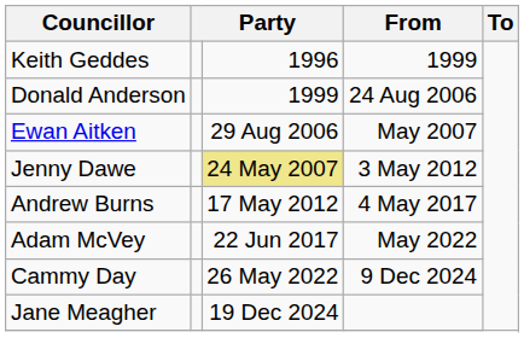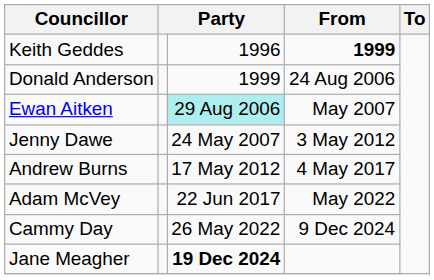 <table class=wikitable>
 <tr>
 <th>Councillor</th>
 <th colspan=2>Party</th>
 <th>From</th>
 <th>To</th>
 </tr>
 <tr>
 <td>Keith Geddes</td>
 <td></td>
 <td align=right>1996</td>
-<td align=right>1999</td>
+<td align=right><strong>1999</strong></td>
 </tr>
 <tr>
 <td>Donald Anderson</td>
 <td></td>
 <td align=right>1999</td>
 <td align=right>24 Aug 2006</td>
 </tr>
 <tr>
 <td><a href='#'>Ewan Aitken</a></td>
 <td></td>
-<td align=right>29 Aug 2006</td>
+<td align=right style="background: paleturquoise;">29 Aug 2006</td>
 <td align=right>May 2007</td>
 </tr>
 <tr>
 <td>Jenny Dawe</td>
 <td></td>
-<td align=right style="background: khaki;">24 May 2007</td>
+<td align=right>24 May 2007</td>
 <td align=right>3 May 2012</td>
 </tr>
 <tr>
 <td>Andrew Burns</td>
 <td></td>
 <td align=right>17 May 2012</td>
 <td align=right>4 May 2017</td>
 </tr>
 <tr>
 <td>Adam McVey</td>
 <td></td>
 <td align=right>22 Jun 2017</td>
 <td align=right>May 2022</td>
 </tr>
 <tr>
 <td>Cammy Day</td>
 <td></td>
 <td align=right>26 May 2022</td>
 <td align=right>9 Dec 2024</td>
 </tr>
 <tr>
 <td>Jane Meagher</td>
 <td></td>
-<td align=right>19 Dec 2024</td>
+<td align=right><strong>19 Dec 2024</strong></td>
 <td align=right></td>
 </tr>
 <tr>
 </tr>
 </table>
